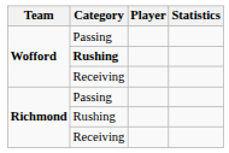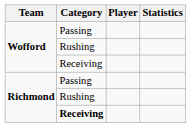 <table class="wikitable" style="float: right;">
 <tr>
 <th>Team</th>
 <th>Category</th>
 <th>Player</th>
 <th>Statistics</th>
 </tr>
 <tr>
 <td rowspan=3><strong>Wofford</strong></td>
 <td>Passing</td>
 <td></td>
 <td></td>
 </tr>
 <tr>
-<td><strong>Rushing</strong></td>
+<td>Rushing</td>
 <td></td>
 <td></td>
 </tr>
 <tr>
 <td>Receiving</td>
 <td></td>
 <td></td>
 </tr>
 <tr>
 <td rowspan=3><strong>Richmond</strong></td>
 <td>Passing</td>
 <td></td>
 <td></td>
 </tr>
 <tr>
 <td>Rushing</td>
 <td></td>
 <td></td>
 </tr>
 <tr>
-<td>Receiving</td>
+<td><strong>Receiving</strong></td>
 <td></td>
 <td></td>
 </tr>
 </table>
